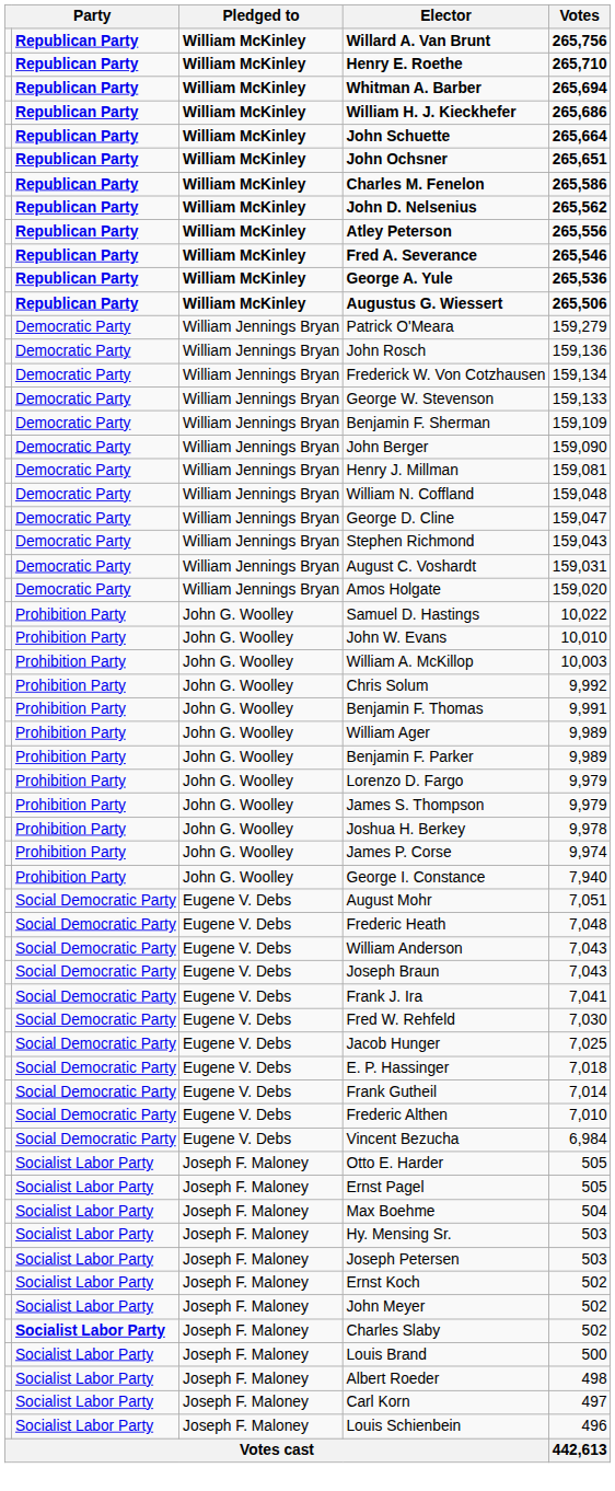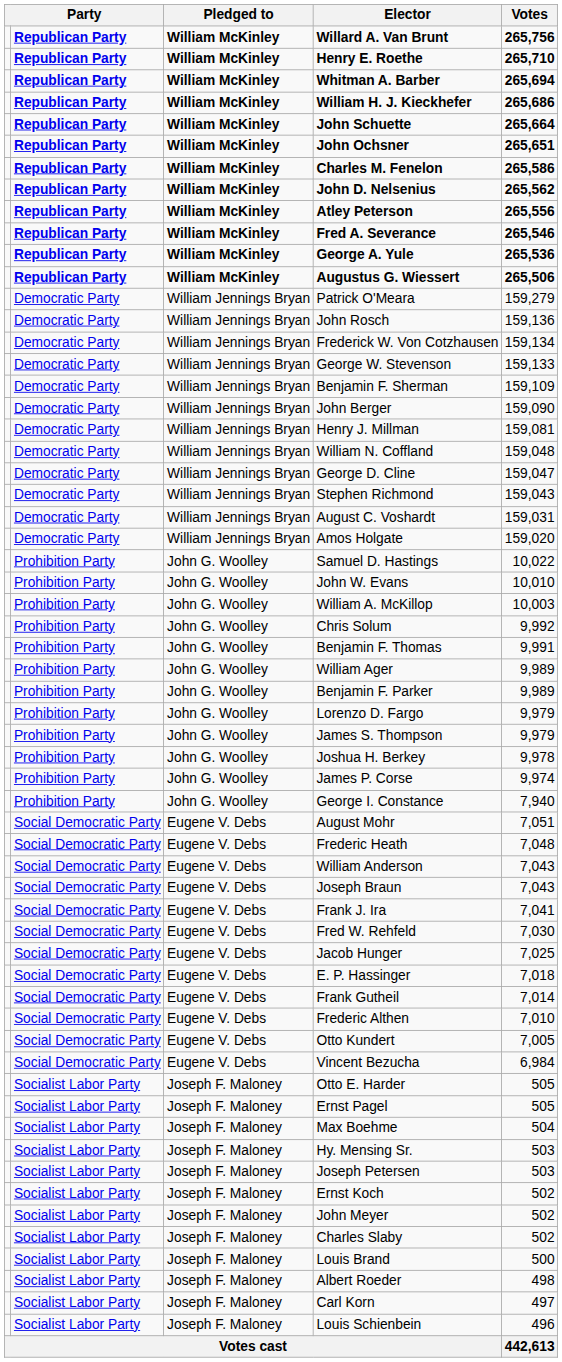 <table class="wikitable">
 <tr>
 <th colspan=2>Party</th>
 <th>Pledged to</th>
 <th>Elector</th>
 <th>Votes</th>
 </tr>
 <tr style="font-weight:bold">
 <td></td>
 <td><a href='#'>Republican Party</a></td>
 <td>William McKinley</td>
 <td>Willard A. Van Brunt</td>
 <td align="right">265,756</td>
 </tr>
 <tr style="font-weight:bold">
 <td></td>
 <td><a href='#'>Republican Party</a></td>
 <td>William McKinley</td>
 <td>Henry E. Roethe</td>
 <td align="right">265,710</td>
 </tr>
 <tr style="font-weight:bold">
 <td></td>
 <td><a href='#'>Republican Party</a></td>
 <td>William McKinley</td>
 <td>Whitman A. Barber</td>
 <td align="right">265,694</td>
 </tr>
 <tr style="font-weight:bold">
 <td></td>
 <td><a href='#'>Republican Party</a></td>
 <td>William McKinley</td>
 <td>William H. J. Kieckhefer</td>
 <td align="right">265,686</td>
 </tr>
 <tr style="font-weight:bold">
 <td></td>
 <td><a href='#'>Republican Party</a></td>
 <td>William McKinley</td>
 <td>John Schuette</td>
 <td align="right">265,664</td>
 </tr>
 <tr style="font-weight:bold">
 <td></td>
 <td><a href='#'>Republican Party</a></td>
 <td>William McKinley</td>
 <td>John Ochsner</td>
 <td align="right">265,651</td>
 </tr>
 <tr style="font-weight:bold">
 <td></td>
 <td><a href='#'>Republican Party</a></td>
 <td>William McKinley</td>
 <td>Charles M. Fenelon</td>
 <td align="right">265,586</td>
 </tr>
 <tr style="font-weight:bold">
 <td></td>
 <td><a href='#'>Republican Party</a></td>
 <td>William McKinley</td>
 <td>John D. Nelsenius</td>
 <td align="right">265,562</td>
 </tr>
 <tr style="font-weight:bold">
 <td></td>
 <td><a href='#'>Republican Party</a></td>
 <td>William McKinley</td>
 <td>Atley Peterson</td>
 <td align="right">265,556</td>
 </tr>
 <tr style="font-weight:bold">
 <td></td>
 <td><a href='#'>Republican Party</a></td>
 <td>William McKinley</td>
 <td>Fred A. Severance</td>
 <td align="right">265,546</td>
 </tr>
 <tr style="font-weight:bold">
 <td></td>
 <td><a href='#'>Republican Party</a></td>
 <td>William McKinley</td>
 <td>George A. Yule</td>
 <td align="right">265,536</td>
 </tr>
 <tr style="font-weight:bold">
 <td></td>
 <td><a href='#'>Republican Party</a></td>
 <td>William McKinley</td>
 <td>Augustus G. Wiessert</td>
 <td align="right">265,506</td>
 </tr>
 <tr>
 <td></td>
 <td><a href='#'>Democratic Party</a></td>
 <td>William Jennings Bryan</td>
 <td>Patrick O'Meara</td>
 <td align="right">159,279</td>
 </tr>
 <tr>
 <td></td>
 <td><a href='#'>Democratic Party</a></td>
 <td>William Jennings Bryan</td>
 <td>John Rosch</td>
 <td align="right">159,136</td>
 </tr>
 <tr>
 <td></td>
 <td><a href='#'>Democratic Party</a></td>
 <td>William Jennings Bryan</td>
 <td>Frederick W. Von Cotzhausen</td>
 <td align="right">159,134</td>
 </tr>
 <tr>
 <td></td>
 <td><a href='#'>Democratic Party</a></td>
 <td>William Jennings Bryan</td>
 <td>George W. Stevenson</td>
 <td align="right">159,133</td>
 </tr>
 <tr>
 <td></td>
 <td><a href='#'>Democratic Party</a></td>
 <td>William Jennings Bryan</td>
 <td>Benjamin F. Sherman</td>
 <td align="right">159,109</td>
 </tr>
 <tr>
 <td></td>
 <td><a href='#'>Democratic Party</a></td>
 <td>William Jennings Bryan</td>
 <td>John Berger</td>
 <td align="right">159,090</td>
 </tr>
 <tr>
 <td></td>
 <td><a href='#'>Democratic Party</a></td>
 <td>William Jennings Bryan</td>
 <td>Henry J. Millman</td>
 <td align="right">159,081</td>
 </tr>
 <tr>
 <td></td>
 <td><a href='#'>Democratic Party</a></td>
 <td>William Jennings Bryan</td>
 <td>William N. Coffland</td>
 <td align="right">159,048</td>
 </tr>
 <tr>
 <td></td>
 <td><a href='#'>Democratic Party</a></td>
 <td>William Jennings Bryan</td>
 <td>George D. Cline</td>
 <td align="right">159,047</td>
 </tr>
 <tr>
 <td></td>
 <td><a href='#'>Democratic Party</a></td>
 <td>William Jennings Bryan</td>
 <td>Stephen Richmond</td>
 <td align="right">159,043</td>
 </tr>
 <tr>
 <td></td>
 <td><a href='#'>Democratic Party</a></td>
 <td>William Jennings Bryan</td>
 <td>August C. Voshardt</td>
 <td align="right">159,031</td>
 </tr>
 <tr>
 <td></td>
 <td><a href='#'>Democratic Party</a></td>
 <td>William Jennings Bryan</td>
 <td>Amos Holgate</td>
 <td align="right">159,020</td>
 </tr>
 <tr>
 <td></td>
 <td><a href='#'>Prohibition Party</a></td>
 <td>John G. Woolley</td>
 <td>Samuel D. Hastings</td>
 <td align="right">10,022</td>
 </tr>
 <tr>
 <td></td>
 <td><a href='#'>Prohibition Party</a></td>
 <td>John G. Woolley</td>
 <td>John W. Evans</td>
 <td align="right">10,010</td>
 </tr>
 <tr>
 <td></td>
 <td><a href='#'>Prohibition Party</a></td>
 <td>John G. Woolley</td>
 <td>William A. McKillop</td>
 <td align="right">10,003</td>
 </tr>
 <tr>
 <td></td>
 <td><a href='#'>Prohibition Party</a></td>
 <td>John G. Woolley</td>
 <td>Chris Solum</td>
 <td align="right">9,992</td>
 </tr>
 <tr>
 <td></td>
 <td><a href='#'>Prohibition Party</a></td>
 <td>John G. Woolley</td>
 <td>Benjamin F. Thomas</td>
 <td align="right">9,991</td>
 </tr>
 <tr>
 <td></td>
 <td><a href='#'>Prohibition Party</a></td>
 <td>John G. Woolley</td>
 <td>William Ager</td>
 <td align="right">9,989</td>
 </tr>
 <tr>
 <td></td>
 <td><a href='#'>Prohibition Party</a></td>
 <td>John G. Woolley</td>
 <td>Benjamin F. Parker</td>
 <td align="right">9,989</td>
 </tr>
 <tr>
 <td></td>
 <td><a href='#'>Prohibition Party</a></td>
 <td>John G. Woolley</td>
 <td>Lorenzo D. Fargo</td>
 <td align="right">9,979</td>
 </tr>
 <tr>
 <td></td>
 <td><a href='#'>Prohibition Party</a></td>
 <td>John G. Woolley</td>
 <td>James S. Thompson</td>
 <td align="right">9,979</td>
 </tr>
 <tr>
 <td></td>
 <td><a href='#'>Prohibition Party</a></td>
 <td>John G. Woolley</td>
 <td>Joshua H. Berkey</td>
 <td align="right">9,978</td>
 </tr>
 <tr>
 <td></td>
 <td><a href='#'>Prohibition Party</a></td>
 <td>John G. Woolley</td>
 <td>James P. Corse</td>
 <td align="right">9,974</td>
 </tr>
 <tr>
 <td></td>
 <td><a href='#'>Prohibition Party</a></td>
 <td>John G. Woolley</td>
 <td>George I. Constance</td>
 <td align="right">7,940</td>
 </tr>
 <tr>
 <td></td>
 <td><a href='#'>Social Democratic Party</a></td>
 <td>Eugene V. Debs</td>
 <td>August Mohr</td>
 <td align="right">7,051</td>
 </tr>
 <tr>
 <td></td>
 <td><a href='#'>Social Democratic Party</a></td>
 <td>Eugene V. Debs</td>
 <td>Frederic Heath</td>
 <td align="right">7,048</td>
 </tr>
 <tr>
 <td></td>
 <td><a href='#'>Social Democratic Party</a></td>
 <td>Eugene V. Debs</td>
 <td>William Anderson</td>
 <td align="right">7,043</td>
 </tr>
 <tr>
 <td></td>
 <td><a href='#'>Social Democratic Party</a></td>
 <td>Eugene V. Debs</td>
 <td>Joseph Braun</td>
 <td align="right">7,043</td>
 </tr>
 <tr>
 <td></td>
 <td><a href='#'>Social Democratic Party</a></td>
 <td>Eugene V. Debs</td>
 <td>Frank J. Ira</td>
 <td align="right">7,041</td>
 </tr>
 <tr>
 <td></td>
 <td><a href='#'>Social Democratic Party</a></td>
 <td>Eugene V. Debs</td>
 <td>Fred W. Rehfeld</td>
 <td align="right">7,030</td>
 </tr>
 <tr>
 <td></td>
 <td><a href='#'>Social Democratic Party</a></td>
 <td>Eugene V. Debs</td>
 <td>Jacob Hunger</td>
 <td align="right">7,025</td>
 </tr>
 <tr>
 <td></td>
 <td><a href='#'>Social Democratic Party</a></td>
 <td>Eugene V. Debs</td>
 <td>E. P. Hassinger</td>
 <td align="right">7,018</td>
 </tr>
 <tr>
 <td></td>
 <td><a href='#'>Social Democratic Party</a></td>
 <td>Eugene V. Debs</td>
 <td>Frank Gutheil</td>
 <td align="right">7,014</td>
 </tr>
 <tr>
 <td></td>
 <td><a href='#'>Social Democratic Party</a></td>
 <td>Eugene V. Debs</td>
 <td>Frederic Althen</td>
 <td align="right">7,010</td>
 </tr>
 <tr>
 <td></td>
 <td><a href='#'>Social Democratic Party</a></td>
 <td>Eugene V. Debs</td>
+<td>Otto Kundert</td>
+<td align="right">7,005</td>
+</tr>
+<tr>
+<td></td>
+<td><a href='#'>Social Democratic Party</a></td>
+<td>Eugene V. Debs</td>
 <td>Vincent Bezucha</td>
 <td align="right">6,984</td>
 </tr>
 <tr>
 <td></td>
 <td><a href='#'>Socialist Labor Party</a></td>
 <td>Joseph F. Maloney</td>
 <td>Otto E. Harder</td>
 <td align="right">505</td>
 </tr>
 <tr>
 <td></td>
 <td><a href='#'>Socialist Labor Party</a></td>
 <td>Joseph F. Maloney</td>
 <td>Ernst Pagel</td>
 <td align="right">505</td>
 </tr>
 <tr>
 <td></td>
 <td><a href='#'>Socialist Labor Party</a></td>
 <td>Joseph F. Maloney</td>
 <td>Max Boehme</td>
 <td align="right">504</td>
 </tr>
 <tr>
 <td></td>
 <td><a href='#'>Socialist Labor Party</a></td>
 <td>Joseph F. Maloney</td>
 <td>Hy. Mensing Sr.</td>
 <td align="right">503</td>
 </tr>
 <tr>
 <td></td>
 <td><a href='#'>Socialist Labor Party</a></td>
 <td>Joseph F. Maloney</td>
 <td>Joseph Petersen</td>
 <td align="right">503</td>
 </tr>
 <tr>
 <td></td>
 <td><a href='#'>Socialist Labor Party</a></td>
 <td>Joseph F. Maloney</td>
 <td>Ernst Koch</td>
 <td align="right">502</td>
 </tr>
 <tr>
 <td></td>
 <td><a href='#'>Socialist Labor Party</a></td>
 <td>Joseph F. Maloney</td>
 <td>John Meyer</td>
 <td align="right">502</td>
 </tr>
 <tr>
 <td></td>
-<td><strong><a href='#'>Socialist Labor Party</a></strong></td>
+<td><a href='#'>Socialist Labor Party</a></td>
 <td>Joseph F. Maloney</td>
 <td>Charles Slaby</td>
 <td align="right">502</td>
 </tr>
 <tr>
 <td></td>
 <td><a href='#'>Socialist Labor Party</a></td>
 <td>Joseph F. Maloney</td>
 <td>Louis Brand</td>
 <td align="right">500</td>
 </tr>
 <tr>
 <td></td>
 <td><a href='#'>Socialist Labor Party</a></td>
 <td>Joseph F. Maloney</td>
 <td>Albert Roeder</td>
 <td align="right">498</td>
 </tr>
 <tr>
 <td></td>
 <td><a href='#'>Socialist Labor Party</a></td>
 <td>Joseph F. Maloney</td>
 <td>Carl Korn</td>
 <td align="right">497</td>
 </tr>
 <tr>
 <td></td>
 <td><a href='#'>Socialist Labor Party</a></td>
 <td>Joseph F. Maloney</td>
 <td>Louis Schienbein</td>
 <td align="right">496</td>
 </tr>
 <tr>
 <th colspan="4">Votes cast</th>
 <th>442,613</th>
 </tr>
 </table>
